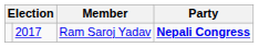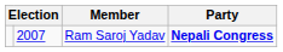 <table class="wikitable">
 <tr>
 <th colspan="2">Election</th>
 <th>Member</th>
 <th>Party</th>
 </tr>
 <tr>
 <td style="background-color:"></td>
-<td><a href='#'>2017</a></td>
+<td><a href='#'>2007</a></td>
 <td><a href='#'>Ram Saroj Yadav</a></td>
 <td><strong><a href='#'>Nepali Congress</a></strong></td>
 </tr>
 </table>
